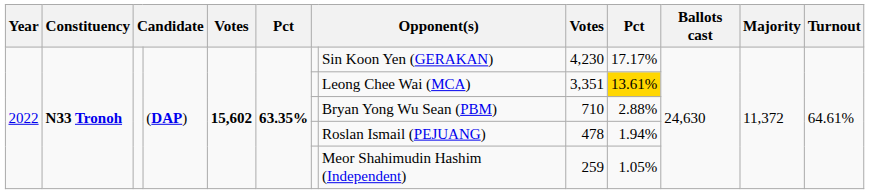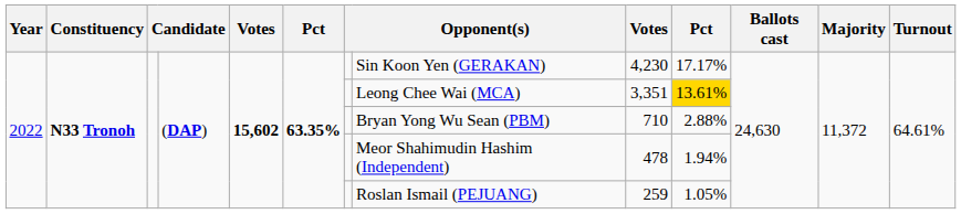 <table class="wikitable" style="margin:0.5em ; font-size:95%">
 <tr>
 <th>Year</th>
 <th>Constituency</th>
 <th colspan=2>Candidate</th>
 <th>Votes</th>
 <th>Pct</th>
 <th colspan=2>Opponent(s)</th>
 <th>Votes</th>
 <th>Pct</th>
 <th>Ballots cast</th>
 <th>Majority</th>
 <th>Turnout</th>
 </tr>
 <tr>
 <td rowspan=5><a href='#'>2022</a></td>
 <td rowspan=5><strong>N33 <a href='#'>Tronoh</a></strong></td>
 <td rowspan=5 ></td>
 <td rowspan=5> (<a href='#'><strong>DAP</strong></a>)</td>
 <td rowspan=5 align=right><strong>15,602</strong></td>
 <td rowspan=5><strong>63.35%</strong></td>
 <td></td>
 <td>Sin Koon Yen (<a href='#'>GERAKAN</a>)</td>
 <td align=right>4,230</td>
 <td>17.17%</td>
 <td rowspan=5>24,630</td>
 <td rowspan=5>11,372</td>
 <td rowspan=5>64.61%</td>
 </tr>
 <tr>
 <td></td>
 <td>Leong Chee Wai (<a href='#'>MCA</a>)</td>
 <td align=right>3,351</td>
 <td align=right style="background: gold;">13.61%</td>
 </tr>
 <tr>
 <td></td>
 <td>Bryan Yong Wu Sean (<a href='#'>PBM</a>)</td>
 <td align=right>710</td>
 <td align=right>2.88%</td>
 </tr>
 <tr>
 <td bgcolor=></td>
-<td>Roslan Ismail (<a href='#'>PEJUANG</a>)</td>
+<td>Meor Shahimudin Hashim (<a href='#'>Independent</a>)</td>
 <td align=right>478</td>
 <td align=right>1.94%</td>
 </tr>
 <tr>
 <td></td>
-<td>Meor Shahimudin Hashim (<a href='#'>Independent</a>)</td>
+<td>Roslan Ismail (<a href='#'>PEJUANG</a>)</td>
 <td align=right>259</td>
 <td align=right>1.05%</td>
 </tr>
 </table>
